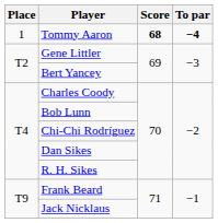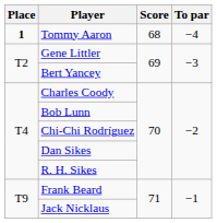 <table class="wikitable">
 <tr>
 <th>Place</th>
 <th>Player</th>
 <th>Score</th>
 <th>To par</th>
 </tr>
 <tr>
-<td align="center">1</td>
+<td align="center"><strong>1</strong></td>
 <td> <a href='#'>Tommy Aaron</a></td>
-<td align="center"><strong>68</strong></td>
-<td align="center"><strong>−4</strong></td>
+<td align="center">68</td>
+<td align="center">−4</td>
 </tr>
 <tr>
 <td rowspan="2" align="center">T2</td>
 <td> <a href='#'>Gene Littler</a></td>
 <td rowspan="2" align="center">69</td>
 <td rowspan="2" align="center">−3</td>
 </tr>
 <tr>
 <td> <a href='#'>Bert Yancey</a></td>
 </tr>
 <tr>
 <td rowspan="5" align="center">T4</td>
 <td> <a href='#'>Charles Coody</a></td>
 <td rowspan="5" align="center">70</td>
 <td rowspan="5" align="center">−2</td>
 </tr>
 <tr>
 <td> <a href='#'>Bob Lunn</a></td>
 </tr>
 <tr>
 <td> <a href='#'>Chi-Chi Rodríguez</a></td>
 </tr>
 <tr>
 <td> <a href='#'>Dan Sikes</a></td>
 </tr>
 <tr>
 <td> <a href='#'>R. H. Sikes</a></td>
 </tr>
 <tr>
 <td rowspan="2" align="center">T9</td>
 <td> <a href='#'>Frank Beard</a></td>
 <td rowspan="2" align="center">71</td>
 <td rowspan="2" align="center">−1</td>
 </tr>
 <tr>
 <td> <a href='#'>Jack Nicklaus</a></td>
 </tr>
 </table>
